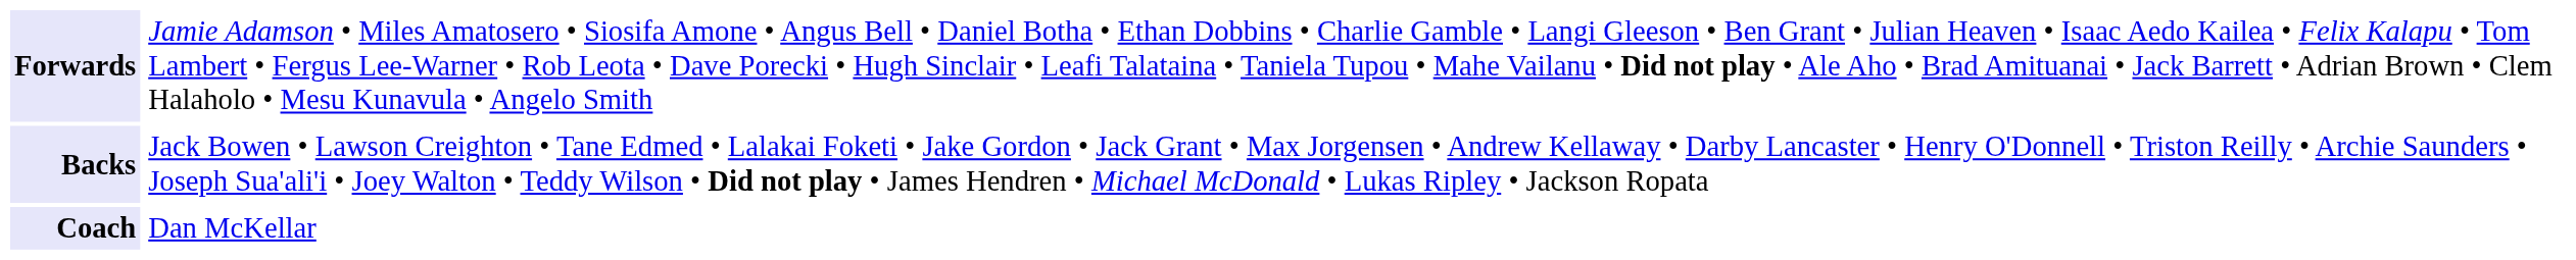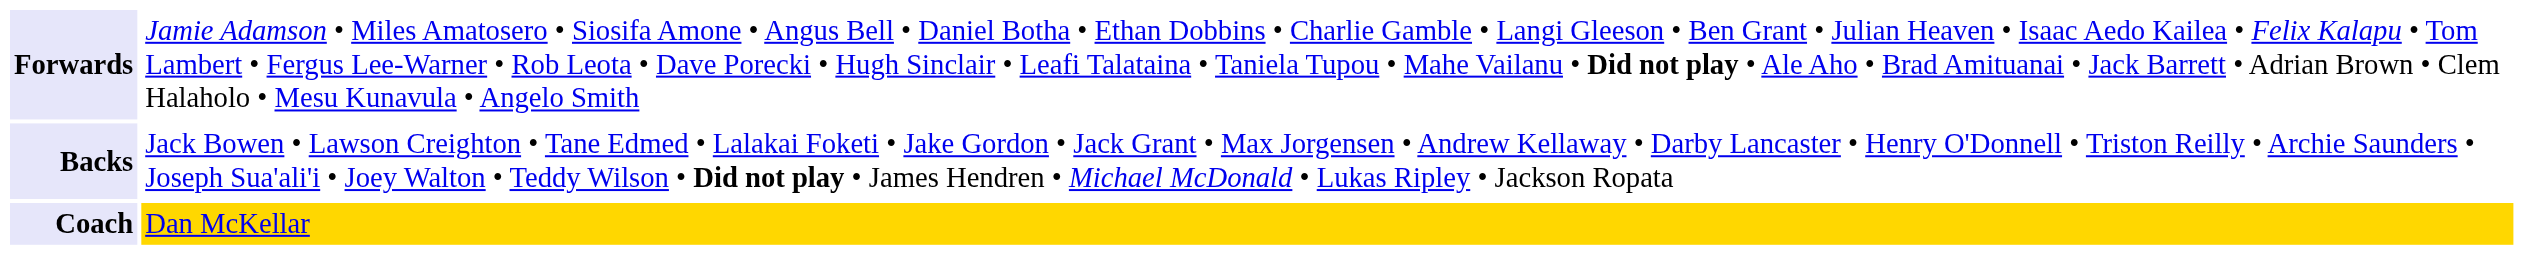 <table cellpadding="2" style="border: 1px solid white; font-size:90%;">
 <tr>
 <td style="text-align:right" bgcolor="lavender"><strong>Forwards</strong></td>
 <td style="text-align:left"><em><a href='#'>Jamie Adamson</a></em> • <a href='#'>Miles Amatosero</a> • <a href='#'>Siosifa Amone</a> • <a href='#'>Angus Bell</a> • <a href='#'>Daniel Botha</a> • <a href='#'>Ethan Dobbins</a> • <a href='#'>Charlie Gamble</a> • <a href='#'>Langi Gleeson</a> • <a href='#'>Ben Grant</a> • <a href='#'>Julian Heaven</a> • <a href='#'>Isaac Aedo Kailea</a> • <em><a href='#'>Felix Kalapu</a></em> • <a href='#'>Tom Lambert</a> • <a href='#'>Fergus Lee-Warner</a> • <a href='#'>Rob Leota</a> • <a href='#'>Dave Porecki</a> • <a href='#'>Hugh Sinclair</a> • <a href='#'>Leafi Talataina</a> • <a href='#'>Taniela Tupou</a> • <a href='#'>Mahe Vailanu</a> • <strong>Did not play</strong> • <a href='#'>Ale Aho</a> • <a href='#'>Brad Amituanai</a> • <a href='#'>Jack Barrett</a> • Adrian Brown • Clem Halaholo • <a href='#'>Mesu Kunavula</a> • <a href='#'>Angelo Smith</a></td>
 </tr>
 <tr>
 <td style="text-align:right" bgcolor="lavender"><strong>Backs</strong></td>
 <td style="text-align:left"><a href='#'>Jack Bowen</a> • <a href='#'>Lawson Creighton</a> • <a href='#'>Tane Edmed</a> • <a href='#'>Lalakai Foketi</a> • <a href='#'>Jake Gordon</a> • <a href='#'>Jack Grant</a> • <a href='#'>Max Jorgensen</a> • <a href='#'>Andrew Kellaway</a> • <a href='#'>Darby Lancaster</a> • <a href='#'>Henry O'Donnell</a> • <a href='#'>Triston Reilly</a> • <a href='#'>Archie Saunders</a> • <a href='#'>Joseph Sua'ali'i</a> • <a href='#'>Joey Walton</a> • <a href='#'>Teddy Wilson</a> • <strong>Did not play</strong> • James Hendren • <em><a href='#'>Michael McDonald</a></em> • <a href='#'>Lukas Ripley</a> • Jackson Ropata</td>
 </tr>
 <tr>
 <td style="text-align:right" bgcolor="lavender"><strong>Coach</strong></td>
-<td style="text-align:left"><a href='#'>Dan McKellar</a></td>
+<td style="background: gold; text-align:left"><a href='#'>Dan McKellar</a></td>
 </tr>
 </table>
